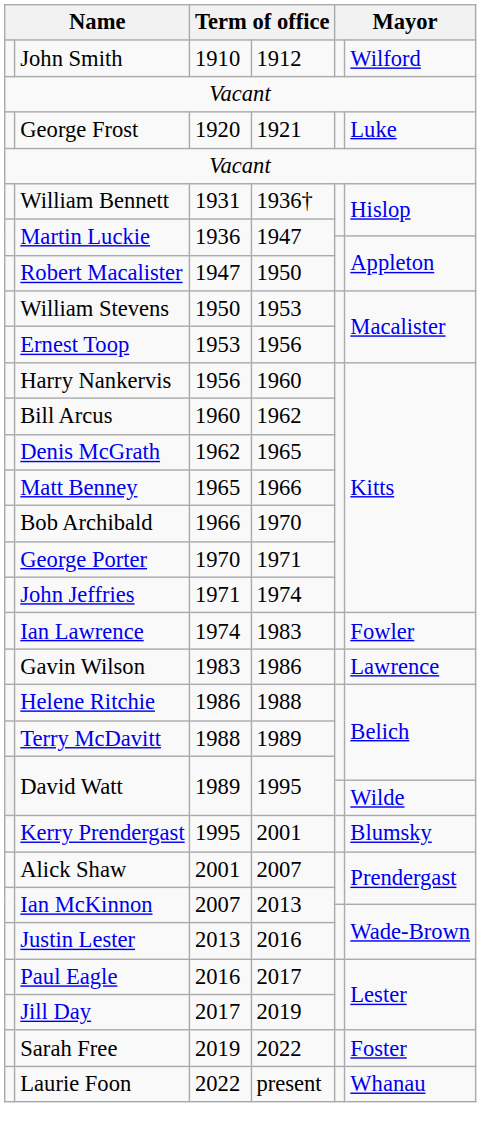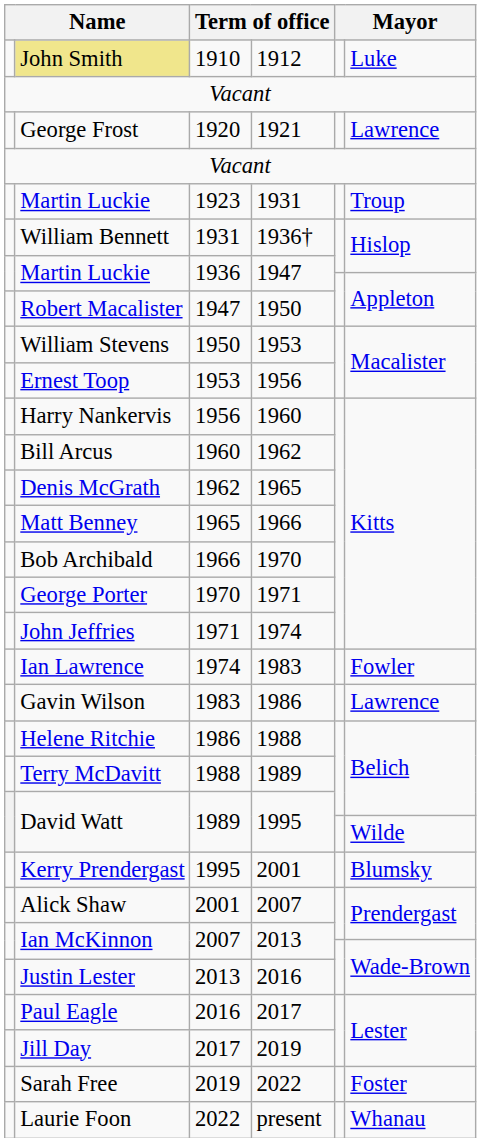 <table class="wikitable">
 <tr>
 <th colspan=2>Name</th>
 <th colspan=2>Term of office</th>
 <th colspan=2>Mayor</th>
 </tr>
 <tr>
 <td style="background:"></td>
-<td>John Smith</td>
+<td style="background: khaki;">John Smith</td>
 <td>1910</td>
 <td>1912</td>
 <td style="background:"></td>
-<td><a href='#'>Wilford</a></td>
+<td><a href='#'>Luke</a></td>
 </tr>
 <tr>
 <td colspan="6" style="text-align:center;"><em>Vacant</em></td>
 </tr>
 <tr>
 <td style="background:"></td>
 <td>George Frost</td>
 <td>1920</td>
 <td>1921</td>
 <td style="background:"></td>
-<td><a href='#'>Luke</a></td>
+<td><a href='#'>Lawrence</a></td>
 </tr>
 <tr>
 <td colspan="6" style="text-align:center;"><em>Vacant</em></td>
+</tr>
+<tr>
+<td style="background:"></td>
+<td><a href='#'>Martin Luckie</a></td>
+<td>1923</td>
+<td>1931</td>
+<td style="background:"></td>
+<td><a href='#'>Troup</a></td>
 </tr>
 <tr>
 <td style="background:"></td>
 <td>William Bennett</td>
 <td>1931</td>
 <td>1936†</td>
 <td rowspan=2 style="background:"></td>
 <td rowspan=2><a href='#'>Hislop</a></td>
 </tr>
 <tr>
 <td height=5 style="border-bottom:solid 0 grey; background:"></td>
 <td rowspan="2"><a href='#'>Martin Luckie</a></td>
 <td rowspan="2">1936</td>
 <td rowspan="2">1947</td>
 </tr>
 <tr>
 <td height=5 style="border-top:solid 0 grey; background:"></td>
 <td rowspan=2 style="background:"></td>
 <td rowspan=2><a href='#'>Appleton</a></td>
 </tr>
 <tr>
 <td style="background:"></td>
 <td><a href='#'>Robert Macalister</a></td>
 <td>1947</td>
 <td>1950</td>
 </tr>
 <tr>
 <td style="background:"></td>
 <td>William Stevens</td>
 <td>1950</td>
 <td>1953</td>
 <td rowspan=2 style="background:"></td>
 <td rowspan=2><a href='#'>Macalister</a></td>
 </tr>
 <tr>
 <td style="background:"></td>
 <td><a href='#'>Ernest Toop</a></td>
 <td>1953</td>
 <td>1956</td>
 </tr>
 <tr>
 <td style="background:"></td>
 <td>Harry Nankervis</td>
 <td>1956</td>
 <td>1960</td>
 <td rowspan=7 style="background:"></td>
 <td rowspan=7><a href='#'>Kitts</a></td>
 </tr>
 <tr>
 <td style="background:"></td>
 <td>Bill Arcus</td>
 <td>1960</td>
 <td>1962</td>
 </tr>
 <tr>
 <td style="background:"></td>
 <td><a href='#'>Denis McGrath</a></td>
 <td>1962</td>
 <td>1965</td>
 </tr>
 <tr>
 <td style="background:"></td>
 <td><a href='#'>Matt Benney</a></td>
 <td>1965</td>
 <td>1966</td>
 </tr>
 <tr>
 <td style="background:"></td>
 <td>Bob Archibald</td>
 <td>1966</td>
 <td>1970</td>
 </tr>
 <tr>
 <td style="background:"></td>
 <td><a href='#'>George Porter</a></td>
 <td>1970</td>
 <td>1971</td>
 </tr>
 <tr>
 <td style="background:"></td>
 <td><a href='#'>John Jeffries</a></td>
 <td>1971</td>
 <td>1974</td>
 </tr>
 <tr>
 <td style="background:"></td>
 <td><a href='#'>Ian Lawrence</a></td>
 <td>1974</td>
 <td>1983</td>
 <td style="background:"></td>
 <td><a href='#'>Fowler</a></td>
 </tr>
 <tr>
 <td style="background:"></td>
 <td>Gavin Wilson</td>
 <td>1983</td>
 <td>1986</td>
 <td style="background:"></td>
 <td><a href='#'>Lawrence</a></td>
 </tr>
 <tr>
 <td style="background:"></td>
 <td><a href='#'>Helene Ritchie</a></td>
 <td>1986</td>
 <td>1988</td>
 <td rowspan=2 style="border-bottom:solid 0 grey; background:"></td>
 <td rowspan=3><a href='#'>Belich</a></td>
 </tr>
 <tr>
 <td style="background:"></td>
 <td><a href='#'>Terry McDavitt</a></td>
 <td>1988</td>
 <td>1989</td>
 </tr>
 <tr>
 <th rowspan="2" style="background:"></th>
 <td rowspan="2">David Watt</td>
 <td rowspan="2">1989</td>
 <td rowspan="2">1995</td>
 <td height=10 style="border-top:solid 0 grey; background:"></td>
 </tr>
 <tr>
 <td style="background:"></td>
 <td><a href='#'>Wilde</a></td>
 </tr>
 <tr>
 <td style="background:"></td>
 <td><a href='#'>Kerry Prendergast</a></td>
 <td>1995</td>
 <td>2001</td>
 <td style="background:"></td>
 <td><a href='#'>Blumsky</a></td>
 </tr>
 <tr>
 <td style="background:"></td>
 <td>Alick Shaw</td>
 <td>2001</td>
 <td>2007</td>
 <td rowspan=2 style="background:"></td>
 <td rowspan=2><a href='#'>Prendergast</a></td>
 </tr>
 <tr>
 <td height=5 style="border-bottom:solid 0 grey; background:"></td>
 <td rowspan="2"><a href='#'>Ian McKinnon</a></td>
 <td rowspan="2">2007</td>
 <td rowspan="2">2013</td>
 </tr>
 <tr>
 <td height=5 style="border-top:solid 0 grey; background:"></td>
 <td rowspan=2 style="background:"></td>
 <td rowspan=2><a href='#'>Wade-Brown</a></td>
 </tr>
 <tr>
 <td style="background:"></td>
 <td><a href='#'>Justin Lester</a></td>
 <td>2013</td>
 <td>2016</td>
 </tr>
 <tr>
 <td style="background:"></td>
 <td><a href='#'>Paul Eagle</a></td>
 <td>2016</td>
 <td>2017</td>
 <td rowspan=2 style="background:"></td>
 <td rowspan=2><a href='#'>Lester</a></td>
 </tr>
 <tr>
 <td style="background:"></td>
 <td><a href='#'>Jill Day</a></td>
 <td>2017</td>
 <td>2019</td>
 </tr>
 <tr>
 <td style="background:"></td>
 <td>Sarah Free</td>
 <td>2019</td>
 <td>2022</td>
 <td style="background:"></td>
 <td><a href='#'>Foster</a></td>
 </tr>
 <tr>
 <td style="background:"></td>
 <td>Laurie Foon</td>
 <td>2022</td>
 <td>present</td>
 <td style="background:"></td>
 <td><a href='#'>Whanau</a></td>
 </tr>
 </table>
